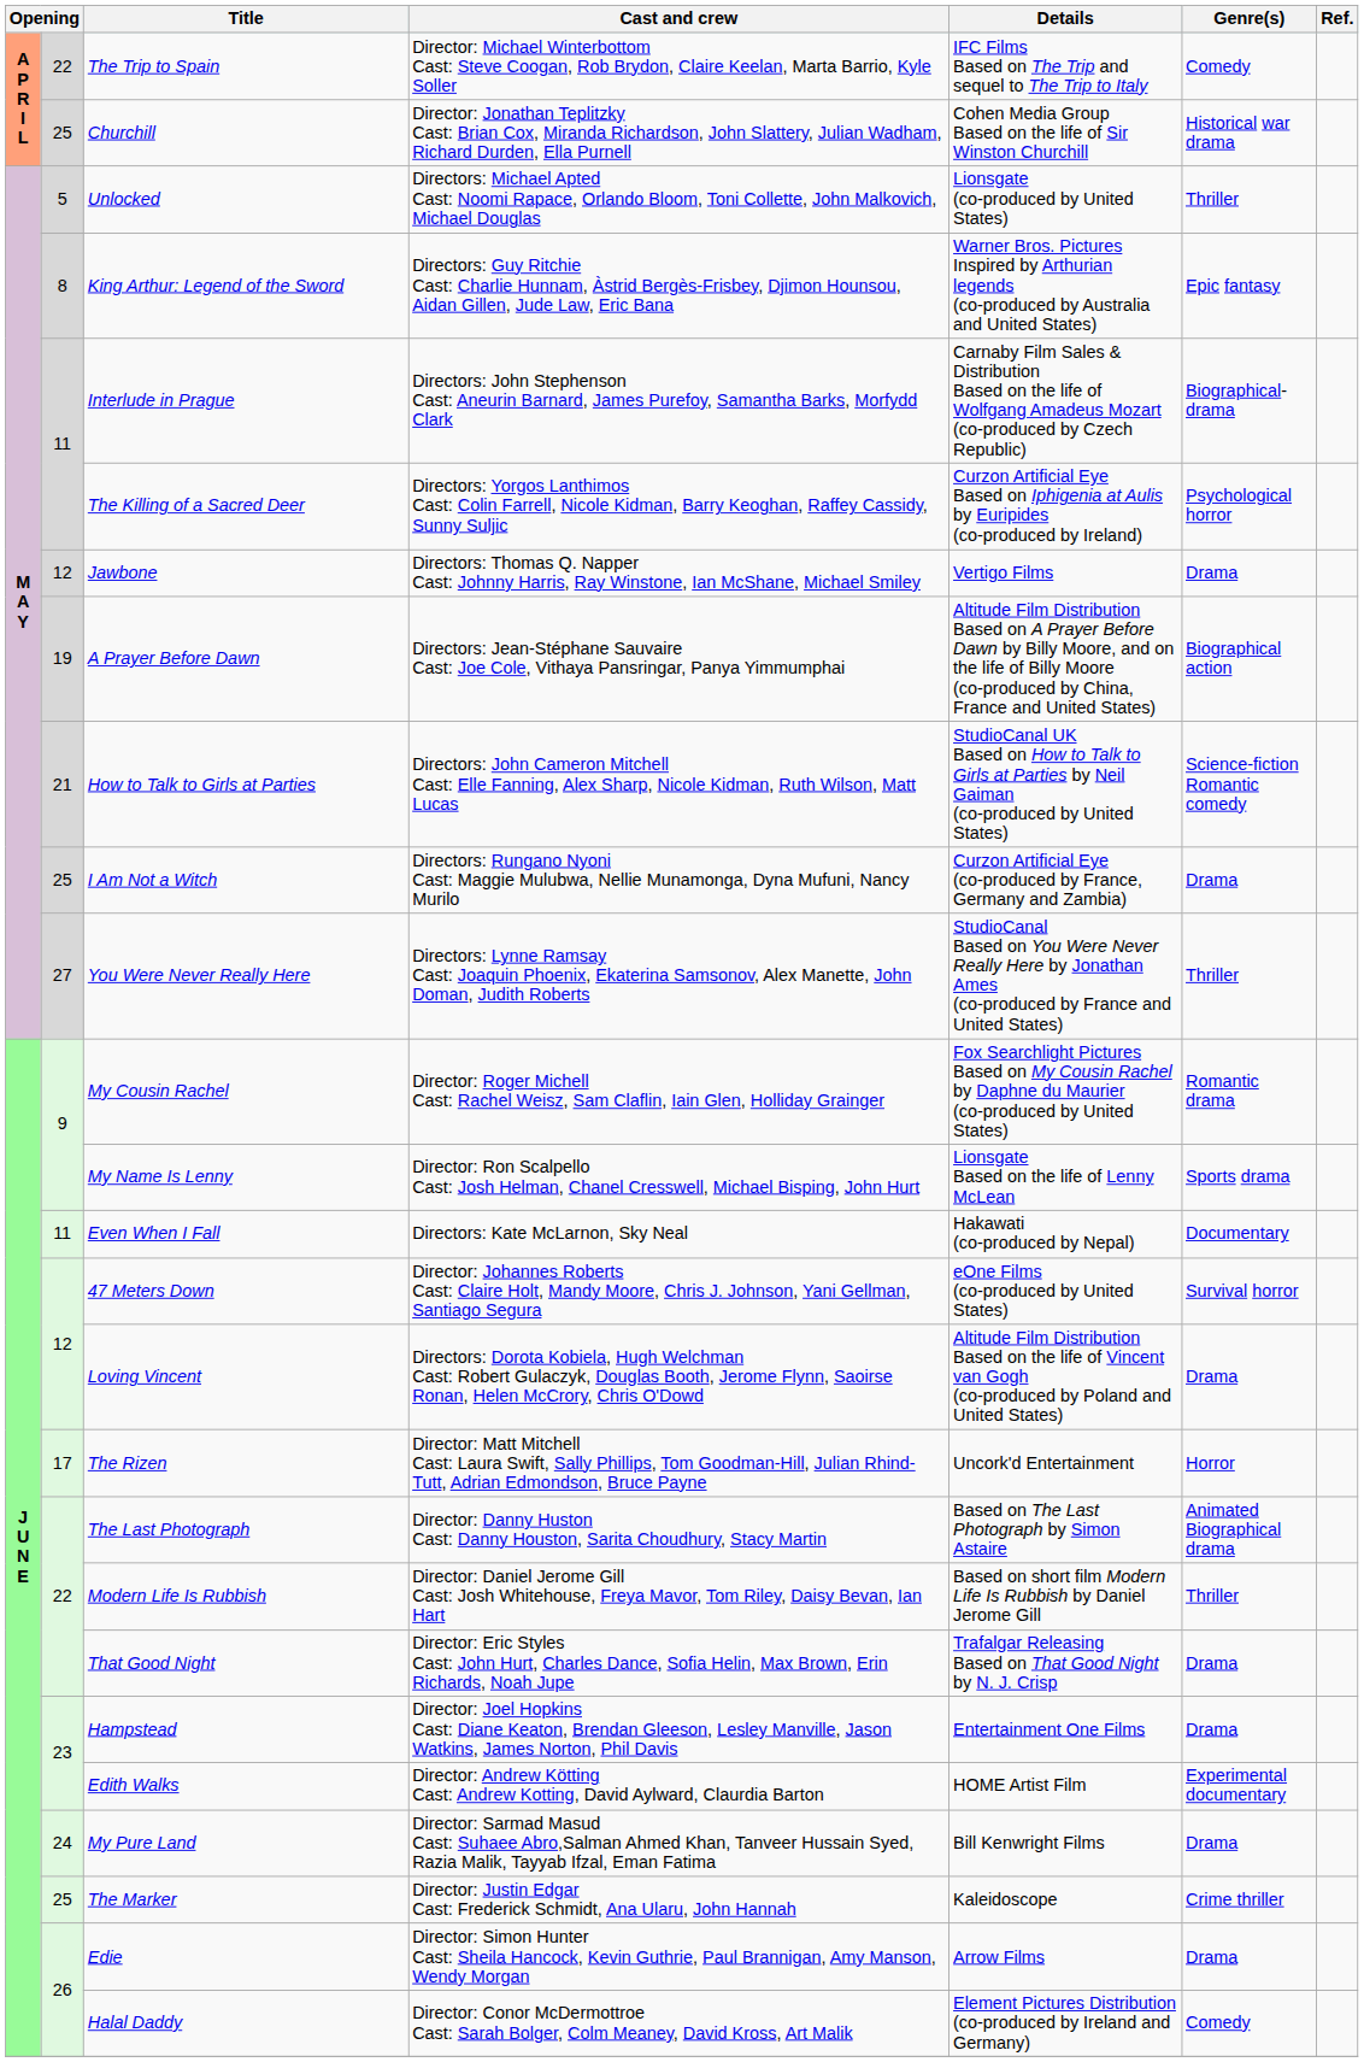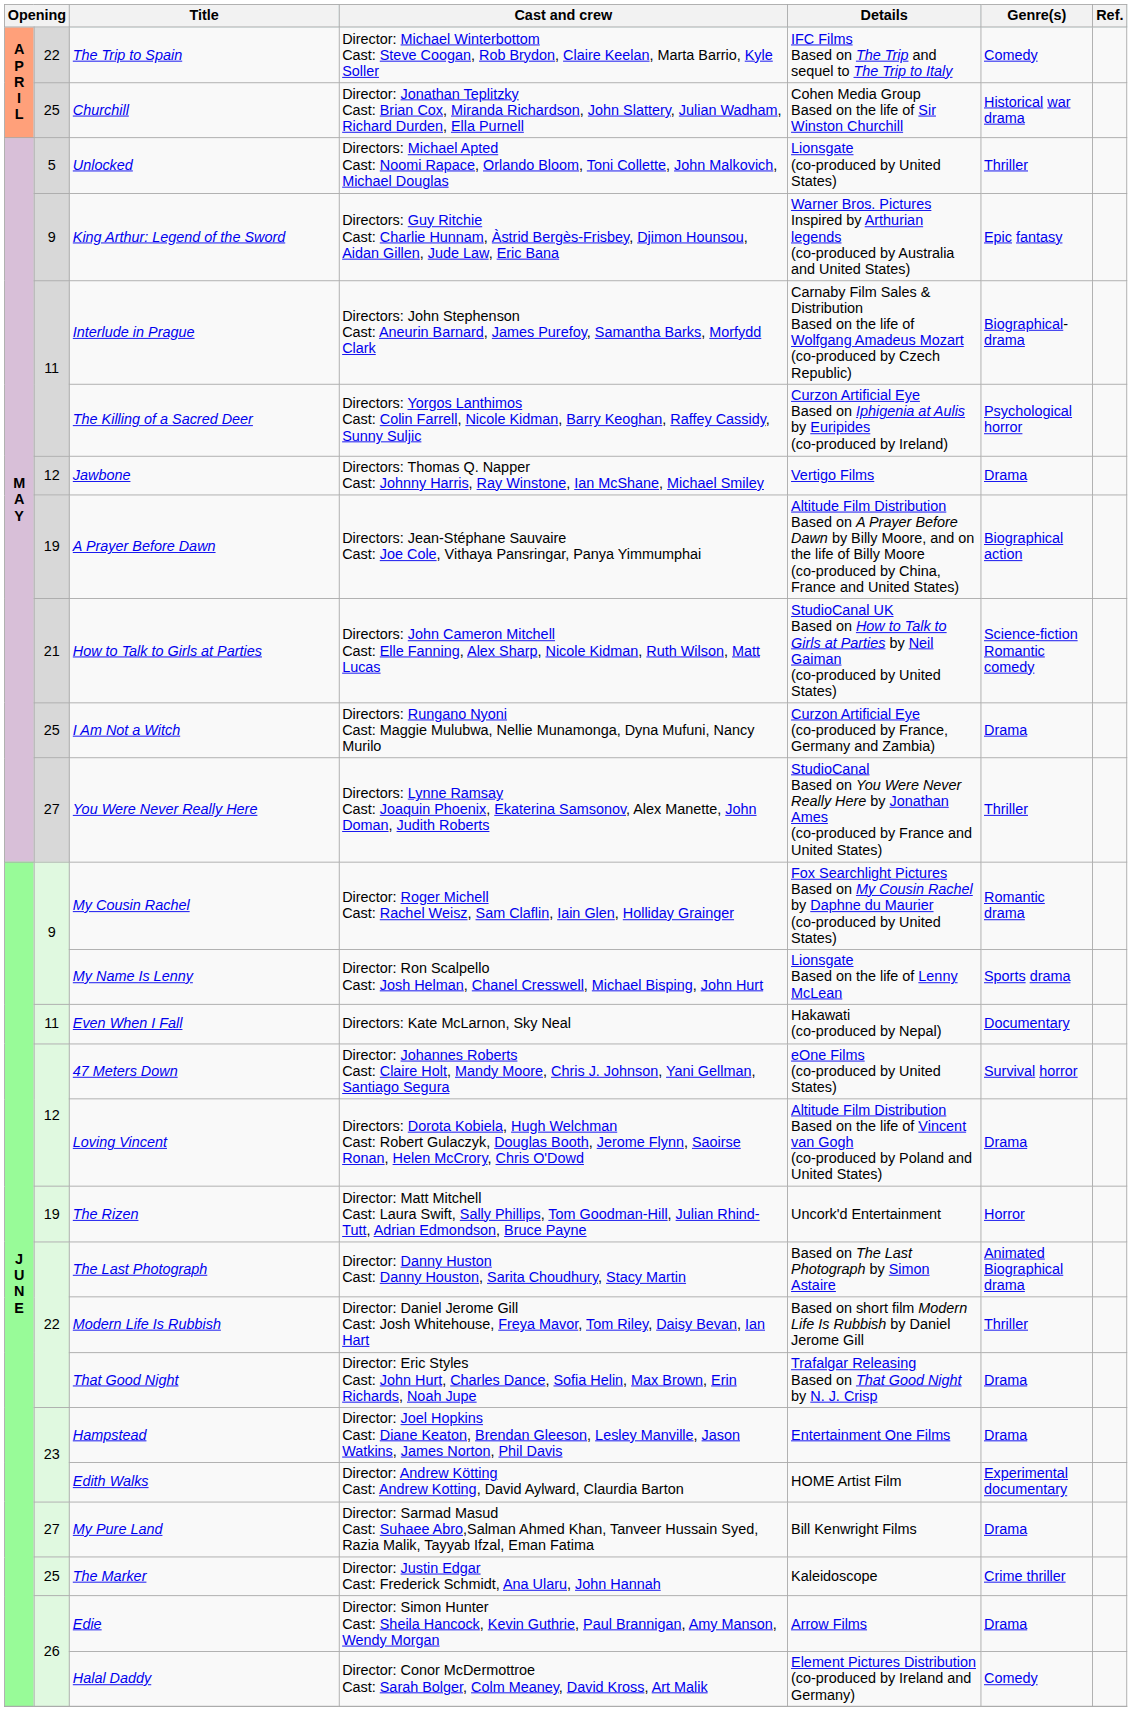 <table class="wikitable">
 <tr style="background:#b0e0e6; text-align:center;">
 <th colspan="2">Opening</th>
 <th style="width:24%;">Title</th>
 <th style="width:40%;">Cast and crew</th>
 <th>Details</th>
 <th style="width:10%;">Genre(s)</th>
 <th style="width:2%;">Ref.</th>
 </tr>
 <tr>
 <th rowspan="2" style="text-align:center; background:#ffa07a; textcolor:#000;">A<br>P<br>R<br>I<br>L</th>
 <td rowspan="1" style="text-align:center; background:#d8d8d8;">22</td>
 <td><em><a href='#'>The Trip to Spain</a></em></td>
 <td>Director: <a href='#'>Michael Winterbottom</a> <br> Cast: <a href='#'>Steve Coogan</a>, <a href='#'>Rob Brydon</a>, <a href='#'>Claire Keelan</a>, Marta Barrio, <a href='#'>Kyle Soller</a></td>
 <td><a href='#'>IFC Films</a> <br> Based on <em><a href='#'>The Trip</a></em> and sequel to <em><a href='#'>The Trip to Italy</a></em></td>
 <td><a href='#'>Comedy</a></td>
 <td style="text-align:center"></td>
 </tr>
 <tr>
 <td rowspan="1" style="text-align:center; background:#d8d8d8;">25</td>
 <td><em><a href='#'>Churchill</a></em></td>
 <td>Director: <a href='#'>Jonathan Teplitzky</a> <br> Cast: <a href='#'>Brian Cox</a>, <a href='#'>Miranda Richardson</a>, <a href='#'>John Slattery</a>, <a href='#'>Julian Wadham</a>, <a href='#'>Richard Durden</a>, <a href='#'>Ella Purnell</a></td>
 <td>Cohen Media Group <br> Based on the life of <a href='#'>Sir Winston Churchill</a></td>
 <td><a href='#'>Historical</a> <a href='#'>war</a> <a href='#'>drama</a></td>
 <td style="text-align:center"></td>
 </tr>
 <tr>
 <th rowspan="9" style="text-align:center; background:thistle; textcolor:#000;">M<br>A<br>Y</th>
 <td rowspan="1" style="text-align:center; background:#d8d8d8;">5</td>
 <td><em><a href='#'>Unlocked</a></em></td>
 <td>Directors: <a href='#'>Michael Apted</a> <br> Cast: <a href='#'>Noomi Rapace</a>, <a href='#'>Orlando Bloom</a>, <a href='#'>Toni Collette</a>, <a href='#'>John Malkovich</a>, <a href='#'>Michael Douglas</a></td>
 <td><a href='#'>Lionsgate</a> <br> (co-produced by United States)</td>
 <td><a href='#'>Thriller</a></td>
 <td style="text-align:center"></td>
 </tr>
 <tr>
-<td rowspan="1" style="text-align:center; background:#d8d8d8;">8</td>
+<td rowspan="1" style="text-align:center; background:#d8d8d8;">9</td>
 <td><em><a href='#'>King Arthur: Legend of the Sword</a></em></td>
 <td>Directors: <a href='#'>Guy Ritchie</a> <br> Cast: <a href='#'>Charlie Hunnam</a>, <a href='#'>Àstrid Bergès-Frisbey</a>, <a href='#'>Djimon Hounsou</a>, <a href='#'>Aidan Gillen</a>, <a href='#'>Jude Law</a>, <a href='#'>Eric Bana</a></td>
 <td><a href='#'>Warner Bros. Pictures</a> <br> Inspired by <a href='#'>Arthurian legends</a> <br> (co-produced by Australia and United States)</td>
 <td><a href='#'>Epic</a> <a href='#'>fantasy</a></td>
 <td style="text-align:center"></td>
 </tr>
 <tr>
 <td rowspan="2" style="text-align:center; background:#d8d8d8;">11</td>
 <td><em><a href='#'>Interlude in Prague</a></em></td>
 <td>Directors: John Stephenson <br> Cast: <a href='#'>Aneurin Barnard</a>, <a href='#'>James Purefoy</a>, <a href='#'>Samantha Barks</a>, <a href='#'>Morfydd Clark</a></td>
 <td>Carnaby Film Sales & Distribution <br> Based on the life of <a href='#'>Wolfgang Amadeus Mozart</a> <br> (co-produced by Czech Republic)</td>
 <td><a href='#'>Biographical</a>-<a href='#'>drama</a></td>
 <td style="text-align:center"></td>
 </tr>
 <tr>
 <td><em><a href='#'>The Killing of a Sacred Deer</a></em></td>
 <td>Directors: <a href='#'>Yorgos Lanthimos</a> <br> Cast: <a href='#'>Colin Farrell</a>, <a href='#'>Nicole Kidman</a>, <a href='#'>Barry Keoghan</a>, <a href='#'>Raffey Cassidy</a>, <a href='#'>Sunny Suljic</a></td>
 <td><a href='#'>Curzon Artificial Eye</a> <br> Based on <em><a href='#'>Iphigenia at Aulis</a></em> by <a href='#'>Euripides</a> <br> (co-produced by Ireland)</td>
 <td><a href='#'>Psychological horror</a></td>
 <td style="text-align:center"></td>
 </tr>
 <tr>
 <td rowspan="1" style="text-align:center; background:#d8d8d8;">12</td>
 <td><em><a href='#'>Jawbone</a></em></td>
 <td>Directors: Thomas Q. Napper <br> Cast: <a href='#'>Johnny Harris</a>, <a href='#'>Ray Winstone</a>, <a href='#'>Ian McShane</a>, <a href='#'>Michael Smiley</a></td>
 <td><a href='#'>Vertigo Films</a></td>
 <td><a href='#'>Drama</a></td>
 <td style="text-align:center"></td>
 </tr>
 <tr>
 <td rowspan="1" style="text-align:center; background:#d8d8d8;">19</td>
 <td><em><a href='#'>A Prayer Before Dawn</a></em></td>
 <td>Directors: Jean-Stéphane Sauvaire <br> Cast: <a href='#'>Joe Cole</a>, Vithaya Pansringar, Panya Yimmumphai</td>
 <td><a href='#'>Altitude Film Distribution</a> <br> Based on <em>A Prayer Before Dawn</em> by Billy Moore, and on the life of Billy Moore <br> (co-produced by China, France and United States)</td>
 <td><a href='#'>Biographical</a> <a href='#'>action</a></td>
 <td style="text-align:center"></td>
 </tr>
 <tr>
 <td rowspan="1" style="text-align:center; background:#d8d8d8;">21</td>
 <td><em><a href='#'>How to Talk to Girls at Parties</a></em></td>
 <td>Directors: <a href='#'>John Cameron Mitchell</a> <br> Cast: <a href='#'>Elle Fanning</a>, <a href='#'>Alex Sharp</a>, <a href='#'>Nicole Kidman</a>, <a href='#'>Ruth Wilson</a>, <a href='#'>Matt Lucas</a></td>
 <td><a href='#'>StudioCanal UK</a> <br> Based on <em><a href='#'>How to Talk to Girls at Parties</a></em> by <a href='#'>Neil Gaiman</a> <br> (co-produced by United States)</td>
 <td><a href='#'>Science-fiction</a> <br> <a href='#'>Romantic comedy</a></td>
 <td style="text-align:center"></td>
 </tr>
 <tr>
 <td rowspan="1" style="text-align:center; background:#d8d8d8;">25</td>
 <td><em><a href='#'>I Am Not a Witch</a></em></td>
 <td>Directors: <a href='#'>Rungano Nyoni</a> <br> Cast: Maggie Mulubwa, Nellie Munamonga, Dyna Mufuni, Nancy Murilo</td>
 <td><a href='#'>Curzon Artificial Eye</a> <br> (co-produced by France, Germany and Zambia)</td>
 <td><a href='#'>Drama</a></td>
 <td style="text-align:center"></td>
 </tr>
 <tr>
 <td rowspan="1" style="text-align:center; background:#d8d8d8;">27</td>
 <td><em><a href='#'>You Were Never Really Here</a></em></td>
 <td>Directors: <a href='#'>Lynne Ramsay</a> <br> Cast: <a href='#'>Joaquin Phoenix</a>, <a href='#'>Ekaterina Samsonov</a>, Alex Manette, <a href='#'>John Doman</a>, <a href='#'>Judith Roberts</a></td>
 <td><a href='#'>StudioCanal</a> <br> Based on <em>You Were Never Really Here</em> by <a href='#'>Jonathan Ames</a> <br> (co-produced by France and United States)</td>
 <td><a href='#'>Thriller</a></td>
 <td style="text-align:center"></td>
 </tr>
 <tr>
 <th rowspan="15" style="text-align:center; background:#98fb98; textcolor:#000;">J<br>U<br>N<br>E</th>
 <td rowspan="2" style="text-align:center; background:#e0f9e0;">9</td>
 <td><em><a href='#'>My Cousin Rachel</a></em></td>
 <td>Director: <a href='#'>Roger Michell</a> <br> Cast: <a href='#'>Rachel Weisz</a>, <a href='#'>Sam Claflin</a>, <a href='#'>Iain Glen</a>, <a href='#'>Holliday Grainger</a></td>
 <td><a href='#'>Fox Searchlight Pictures</a> <br> Based on <em><a href='#'>My Cousin Rachel</a></em> by <a href='#'>Daphne du Maurier</a> <br> (co-produced by United States)</td>
 <td><a href='#'>Romantic drama</a></td>
 <td style="text-align:center"></td>
 </tr>
 <tr>
 <td><em><a href='#'>My Name Is Lenny</a></em></td>
 <td>Director: Ron Scalpello <br> Cast: <a href='#'>Josh Helman</a>, <a href='#'>Chanel Cresswell</a>, <a href='#'>Michael Bisping</a>, <a href='#'>John Hurt</a></td>
 <td><a href='#'>Lionsgate</a> <br> Based on the life of <a href='#'>Lenny McLean</a></td>
 <td><a href='#'>Sports</a> <a href='#'>drama</a></td>
 <td style="text-align:center"></td>
 </tr>
 <tr>
 <td rowspan="1" style="text-align:center; background:#e0f9e0;">11</td>
 <td><em><a href='#'>Even When I Fall</a></em></td>
 <td>Directors: Kate McLarnon, Sky Neal</td>
 <td>Hakawati <br> (co-produced by Nepal)</td>
 <td><a href='#'>Documentary</a></td>
 <td></td>
 </tr>
 <tr>
 <td rowspan="2" style="text-align:center; background:#e0f9e0;">12</td>
 <td><em><a href='#'>47 Meters Down</a></em></td>
 <td>Director: <a href='#'>Johannes Roberts</a> <br> Cast: <a href='#'>Claire Holt</a>, <a href='#'>Mandy Moore</a>, <a href='#'>Chris J. Johnson</a>, <a href='#'>Yani Gellman</a>, <a href='#'>Santiago Segura</a></td>
 <td><a href='#'>eOne Films</a> <br> (co-produced by United States)</td>
 <td><a href='#'>Survival</a> <a href='#'>horror</a></td>
 <td style="text-align:center"></td>
 </tr>
 <tr>
 <td><em><a href='#'>Loving Vincent</a></em></td>
 <td>Directors: <a href='#'>Dorota Kobiela</a>, <a href='#'>Hugh Welchman</a> <br> Cast: Robert Gulaczyk, <a href='#'>Douglas Booth</a>, <a href='#'>Jerome Flynn</a>, <a href='#'>Saoirse Ronan</a>, <a href='#'>Helen McCrory</a>, <a href='#'>Chris O'Dowd</a></td>
 <td><a href='#'>Altitude Film Distribution</a> <br> Based on the life of <a href='#'>Vincent van Gogh</a> <br> (co-produced by Poland and United States)</td>
 <td><a href='#'>Drama</a></td>
 <td style="text-align:center"></td>
 </tr>
 <tr>
-<td rowspan="1" style="text-align:center; background:#e0f9e0;">17</td>
+<td rowspan="1" style="text-align:center; background:#e0f9e0;">19</td>
 <td><em><a href='#'>The Rizen</a></em></td>
 <td>Director: Matt Mitchell <br> Cast: Laura Swift, <a href='#'>Sally Phillips</a>, <a href='#'>Tom Goodman-Hill</a>, <a href='#'>Julian Rhind-Tutt</a>, <a href='#'>Adrian Edmondson</a>, <a href='#'>Bruce Payne</a></td>
 <td>Uncork'd Entertainment</td>
 <td><a href='#'>Horror</a></td>
 <td style="text-align:center"></td>
 </tr>
 <tr>
 <td rowspan="3" style="text-align:center; background:#e0f9e0;">22</td>
 <td><em><a href='#'>The Last Photograph</a></em></td>
 <td>Director: <a href='#'>Danny Huston</a> <br> Cast: <a href='#'>Danny Houston</a>, <a href='#'>Sarita Choudhury</a>, <a href='#'>Stacy Martin</a></td>
 <td>Based on <em>The Last Photograph</em> by <a href='#'>Simon Astaire</a></td>
 <td><a href='#'>Animated</a> <a href='#'>Biographical</a> <a href='#'>drama</a></td>
 <td></td>
 </tr>
 <tr>
 <td><em><a href='#'>Modern Life Is Rubbish</a></em></td>
 <td>Director: Daniel Jerome Gill <br> Cast: Josh Whitehouse, <a href='#'>Freya Mavor</a>, <a href='#'>Tom Riley</a>, <a href='#'>Daisy Bevan</a>, <a href='#'>Ian Hart</a></td>
 <td>Based on short film <em>Modern Life Is Rubbish</em> by Daniel Jerome Gill</td>
 <td><a href='#'>Thriller</a></td>
 <td style="text-align:center"></td>
 </tr>
 <tr>
 <td><em><a href='#'>That Good Night</a></em></td>
 <td>Director: Eric Styles <br> Cast: <a href='#'>John Hurt</a>, <a href='#'>Charles Dance</a>, <a href='#'>Sofia Helin</a>, <a href='#'>Max Brown</a>, <a href='#'>Erin Richards</a>, <a href='#'>Noah Jupe</a></td>
 <td><a href='#'>Trafalgar Releasing</a> <br> Based on <em><a href='#'>That Good Night</a></em> by <a href='#'>N. J. Crisp</a></td>
 <td><a href='#'>Drama</a></td>
 <td style="text-align:center"></td>
 </tr>
 <tr>
 <td rowspan="2" style="text-align:center; background:#e0f9e0;">23</td>
 <td><em><a href='#'>Hampstead</a></em></td>
 <td>Director: <a href='#'>Joel Hopkins</a> <br> Cast: <a href='#'>Diane Keaton</a>, <a href='#'>Brendan Gleeson</a>, <a href='#'>Lesley Manville</a>, <a href='#'>Jason Watkins</a>, <a href='#'>James Norton</a>, <a href='#'>Phil Davis</a></td>
 <td><a href='#'>Entertainment One Films</a></td>
 <td><a href='#'>Drama</a></td>
 <td style="text-align:center"></td>
 </tr>
 <tr>
 <td><em><a href='#'>Edith Walks</a></em></td>
 <td>Director: <a href='#'>Andrew Kötting</a> <br> Cast: <a href='#'>Andrew Kotting</a>, David Aylward, Claurdia Barton</td>
 <td>HOME Artist Film</td>
 <td><a href='#'>Experimental</a> <a href='#'>documentary</a></td>
 <td style="text-align:center"></td>
 </tr>
 <tr>
-<td rowspan="1" style="text-align:center; background:#e0f9e0;">24</td>
+<td rowspan="1" style="text-align:center; background:#e0f9e0;">27</td>
 <td><em><a href='#'>My Pure Land</a></em></td>
 <td>Director: Sarmad Masud <br> Cast: <a href='#'>Suhaee Abro</a>,Salman Ahmed Khan, Tanveer Hussain Syed, Razia Malik, Tayyab Ifzal, Eman Fatima</td>
 <td>Bill Kenwright Films</td>
 <td><a href='#'>Drama</a></td>
 <td style="text-align:center"></td>
 </tr>
 <tr>
 <td rowspan="1" style="text-align:center; background:#e0f9e0;">25</td>
 <td><em><a href='#'>The Marker</a></em></td>
 <td>Director: <a href='#'>Justin Edgar</a> <br> Cast: Frederick Schmidt, <a href='#'>Ana Ularu</a>, <a href='#'>John Hannah</a></td>
 <td>Kaleidoscope</td>
 <td><a href='#'>Crime thriller</a></td>
 <td style="text-align:center"></td>
 </tr>
 <tr>
 <td rowspan="2" style="text-align:center; background:#e0f9e0;">26</td>
 <td><em><a href='#'>Edie</a></em></td>
 <td>Director: Simon Hunter <br> Cast: <a href='#'>Sheila Hancock</a>, <a href='#'>Kevin Guthrie</a>, <a href='#'>Paul Brannigan</a>, <a href='#'>Amy Manson</a>, <a href='#'>Wendy Morgan</a></td>
 <td><a href='#'>Arrow Films</a></td>
 <td><a href='#'>Drama</a></td>
 <td style="text-align:center"></td>
 </tr>
 <tr>
 <td><em><a href='#'>Halal Daddy</a></em></td>
 <td>Director: Conor McDermottroe <br> Cast: <a href='#'>Sarah Bolger</a>, <a href='#'>Colm Meaney</a>, <a href='#'>David Kross</a>, <a href='#'>Art Malik</a></td>
 <td><a href='#'>Element Pictures Distribution</a> <br> (co-produced by Ireland and Germany)</td>
 <td><a href='#'>Comedy</a></td>
 <td style="text-align:center"></td>
 </tr>
 <tr>
 </tr>
 </table>
